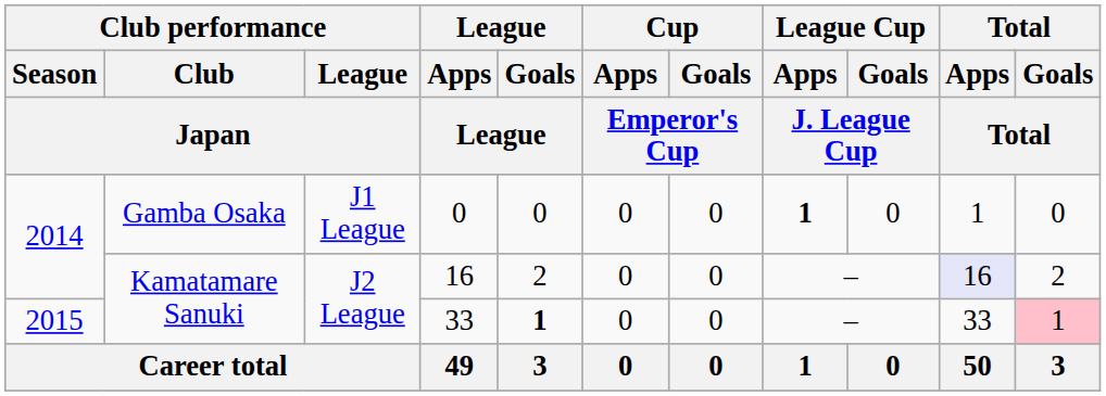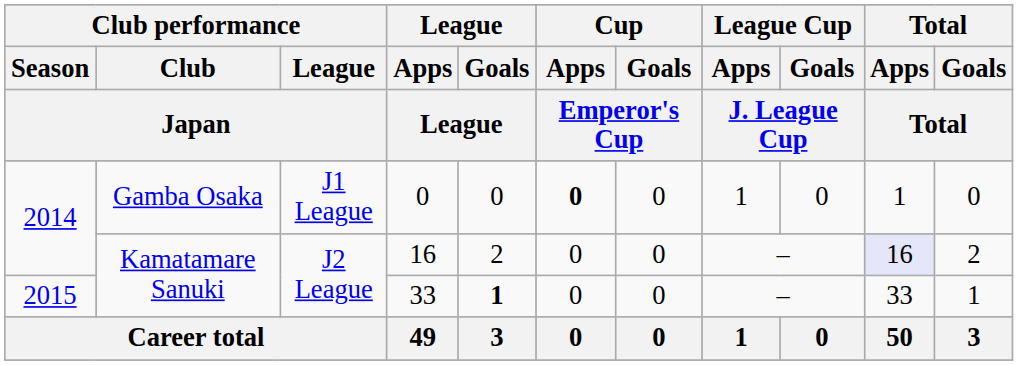 <table class="wikitable" style="text-align:center">
 <tr>
 <th colspan=3>Club performance</th>
 <th colspan=2>League</th>
 <th colspan=2>Cup</th>
 <th colspan=2>League Cup</th>
 <th colspan=2>Total</th>
 </tr>
 <tr>
 <th>Season</th>
 <th>Club</th>
 <th>League</th>
 <th>Apps</th>
 <th>Goals</th>
 <th>Apps</th>
 <th>Goals</th>
 <th>Apps</th>
 <th>Goals</th>
 <th>Apps</th>
 <th>Goals</th>
 </tr>
 <tr>
 <th colspan=3>Japan</th>
 <th colspan=2>League</th>
 <th colspan=2><a href='#'>Emperor's Cup</a></th>
 <th colspan=2><a href='#'>J. League Cup</a></th>
 <th colspan=2>Total</th>
 </tr>
 <tr>
 <td rowspan="2"><a href='#'>2014</a></td>
 <td rowspan="1"><a href='#'>Gamba Osaka</a></td>
 <td rowspan="1"><a href='#'>J1 League</a></td>
 <td>0</td>
 <td>0</td>
+<td><strong>0</strong></td>
 <td>0</td>
-<td>0</td>
-<td><strong>1</strong></td>
+<td>1</td>
 <td>0</td>
 <td>1</td>
 <td>0</td>
 </tr>
 <tr>
 <td rowspan="2"><a href='#'>Kamatamare Sanuki</a></td>
 <td rowspan="2"><a href='#'>J2 League</a></td>
 <td>16</td>
 <td>2</td>
 <td>0</td>
 <td>0</td>
 <td colspan="2">–</td>
 <td style="background: lavender;">16</td>
 <td>2</td>
 </tr>
 <tr>
 <td><a href='#'>2015</a></td>
 <td>33</td>
 <td><strong>1</strong></td>
 <td>0</td>
 <td>0</td>
 <td colspan="2">–</td>
 <td>33</td>
-<td style="background: pink;">1</td>
+<td>1</td>
 </tr>
 <tr>
 <th colspan=3>Career total</th>
 <th>49</th>
 <th>3</th>
 <th>0</th>
 <th>0</th>
 <th>1</th>
 <th>0</th>
 <th>50</th>
 <th>3</th>
 </tr>
 </table>
